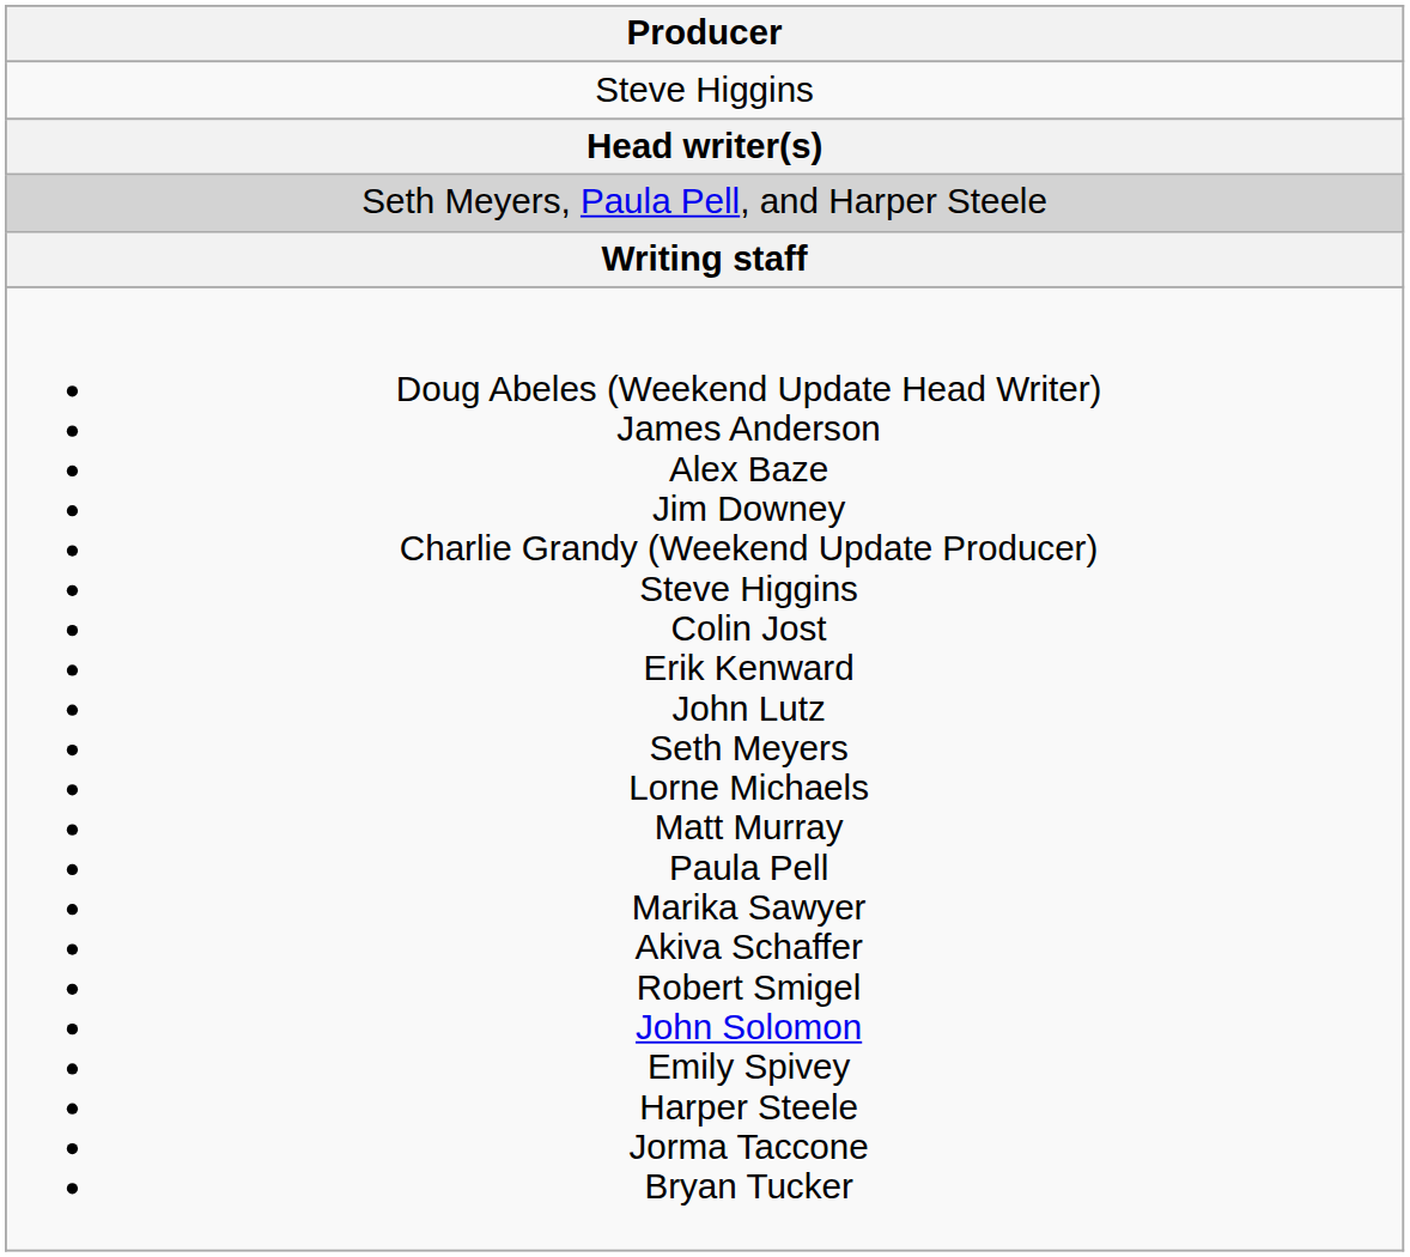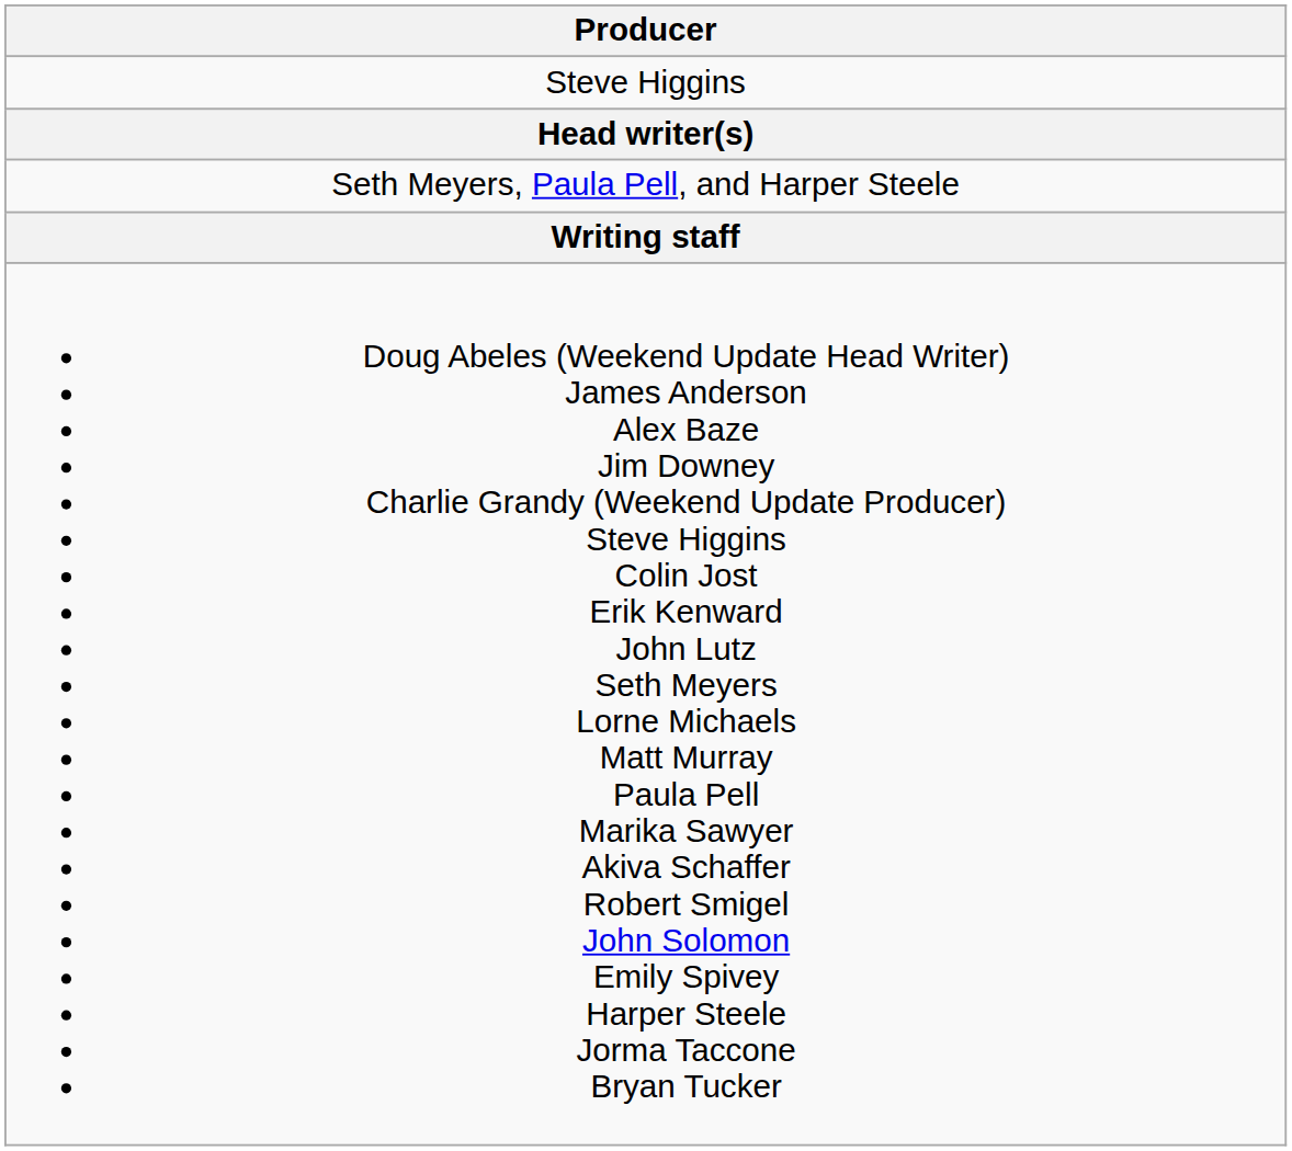 <table class="wikitable plainrowheaders"  style="text-align:center; width:50%;">
 <tr>
 <th><strong>Producer</strong></th>
 </tr>
 <tr>
 <td>Steve Higgins</td>
 </tr>
 <tr>
 <th><strong>Head writer(s)</strong></th>
 </tr>
 <tr>
-<td style="background: lightgrey;">Seth Meyers, <a href='#'>Paula Pell</a>, and Harper Steele</td>
+<td>Seth Meyers, <a href='#'>Paula Pell</a>, and Harper Steele</td>
 </tr>
 <tr>
 <th><strong>Writing staff</strong></th>
 </tr>
 <tr>
 <td><br><ul><li>Doug Abeles (Weekend Update Head Writer)</li><li>James Anderson</li><li>Alex Baze</li><li>Jim Downey</li><li>Charlie Grandy (Weekend Update Producer)</li><li>Steve Higgins</li><li>Colin Jost</li><li>Erik Kenward</li><li>John Lutz</li><li>Seth Meyers</li><li>Lorne Michaels</li><li>Matt Murray</li><li>Paula Pell</li><li>Marika Sawyer</li><li>Akiva Schaffer</li><li>Robert Smigel</li><li><a href='#'>John Solomon</a></li><li>Emily Spivey</li><li>Harper Steele</li><li>Jorma Taccone</li><li>Bryan Tucker</li></ul></td>
 </tr>
 </table>
